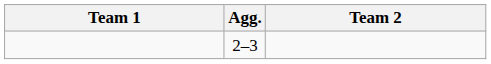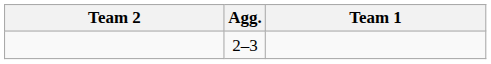 <table class="wikitable" style="text-align:center">
 <tr>
+<th width=200>Team 2</th>
+<th>Agg.</th>
 <th width=200>Team 1</th>
-<th>Agg.</th>
-<th width=200>Team 2</th>
 </tr>
 <tr>
+<td align=left><strong></strong></td>
+<td>2–3</td>
 <td align=right></td>
-<td>2–3</td>
-<td align=left><strong></strong></td>
 </tr>
 </table>
